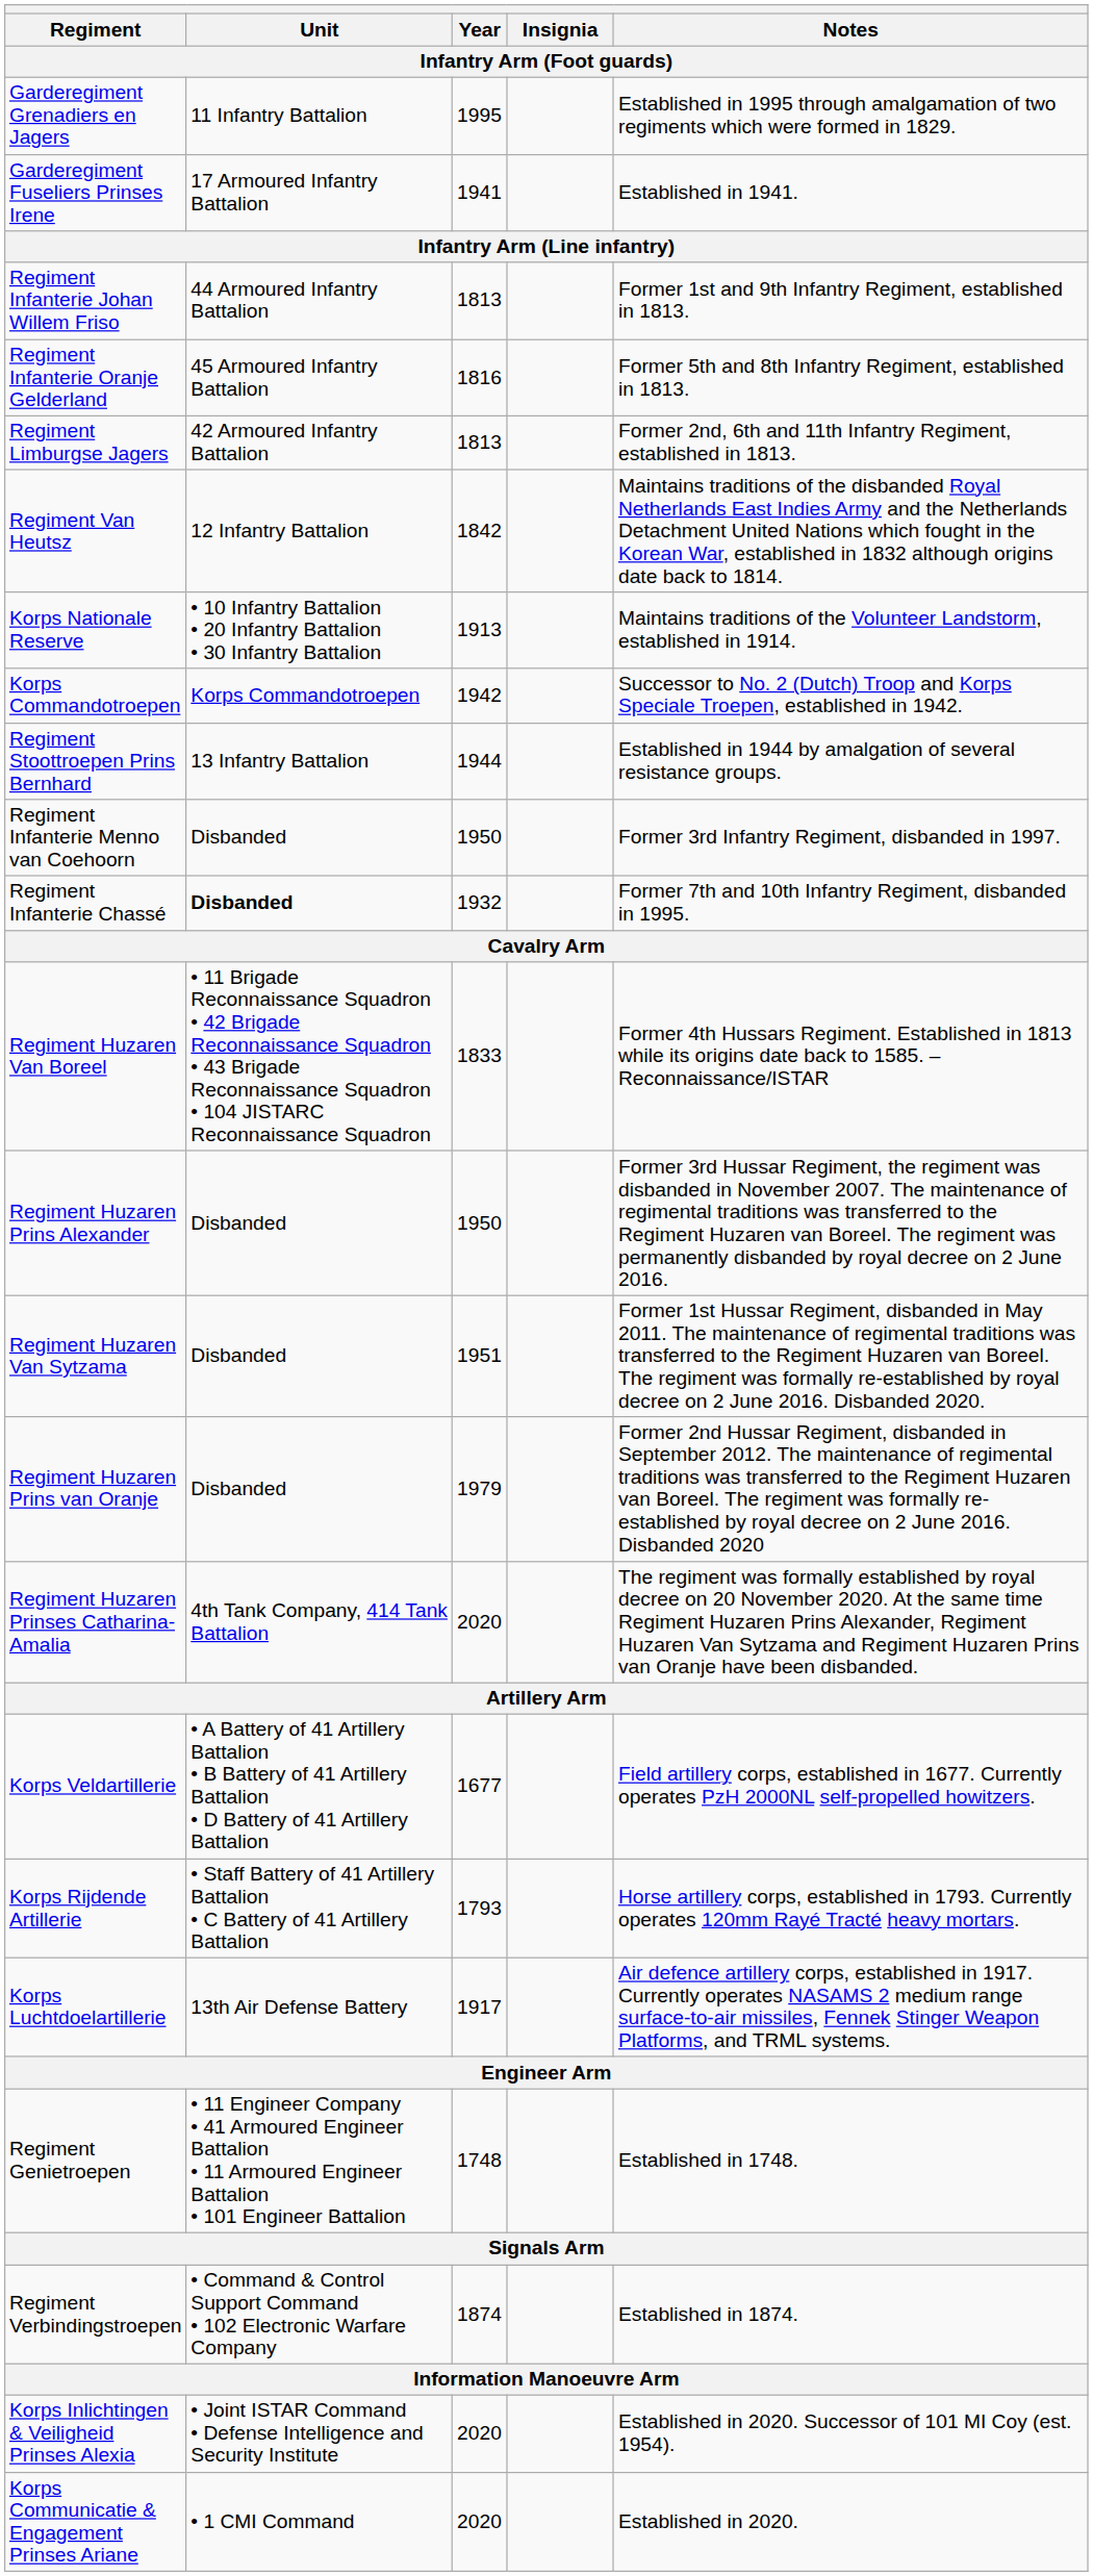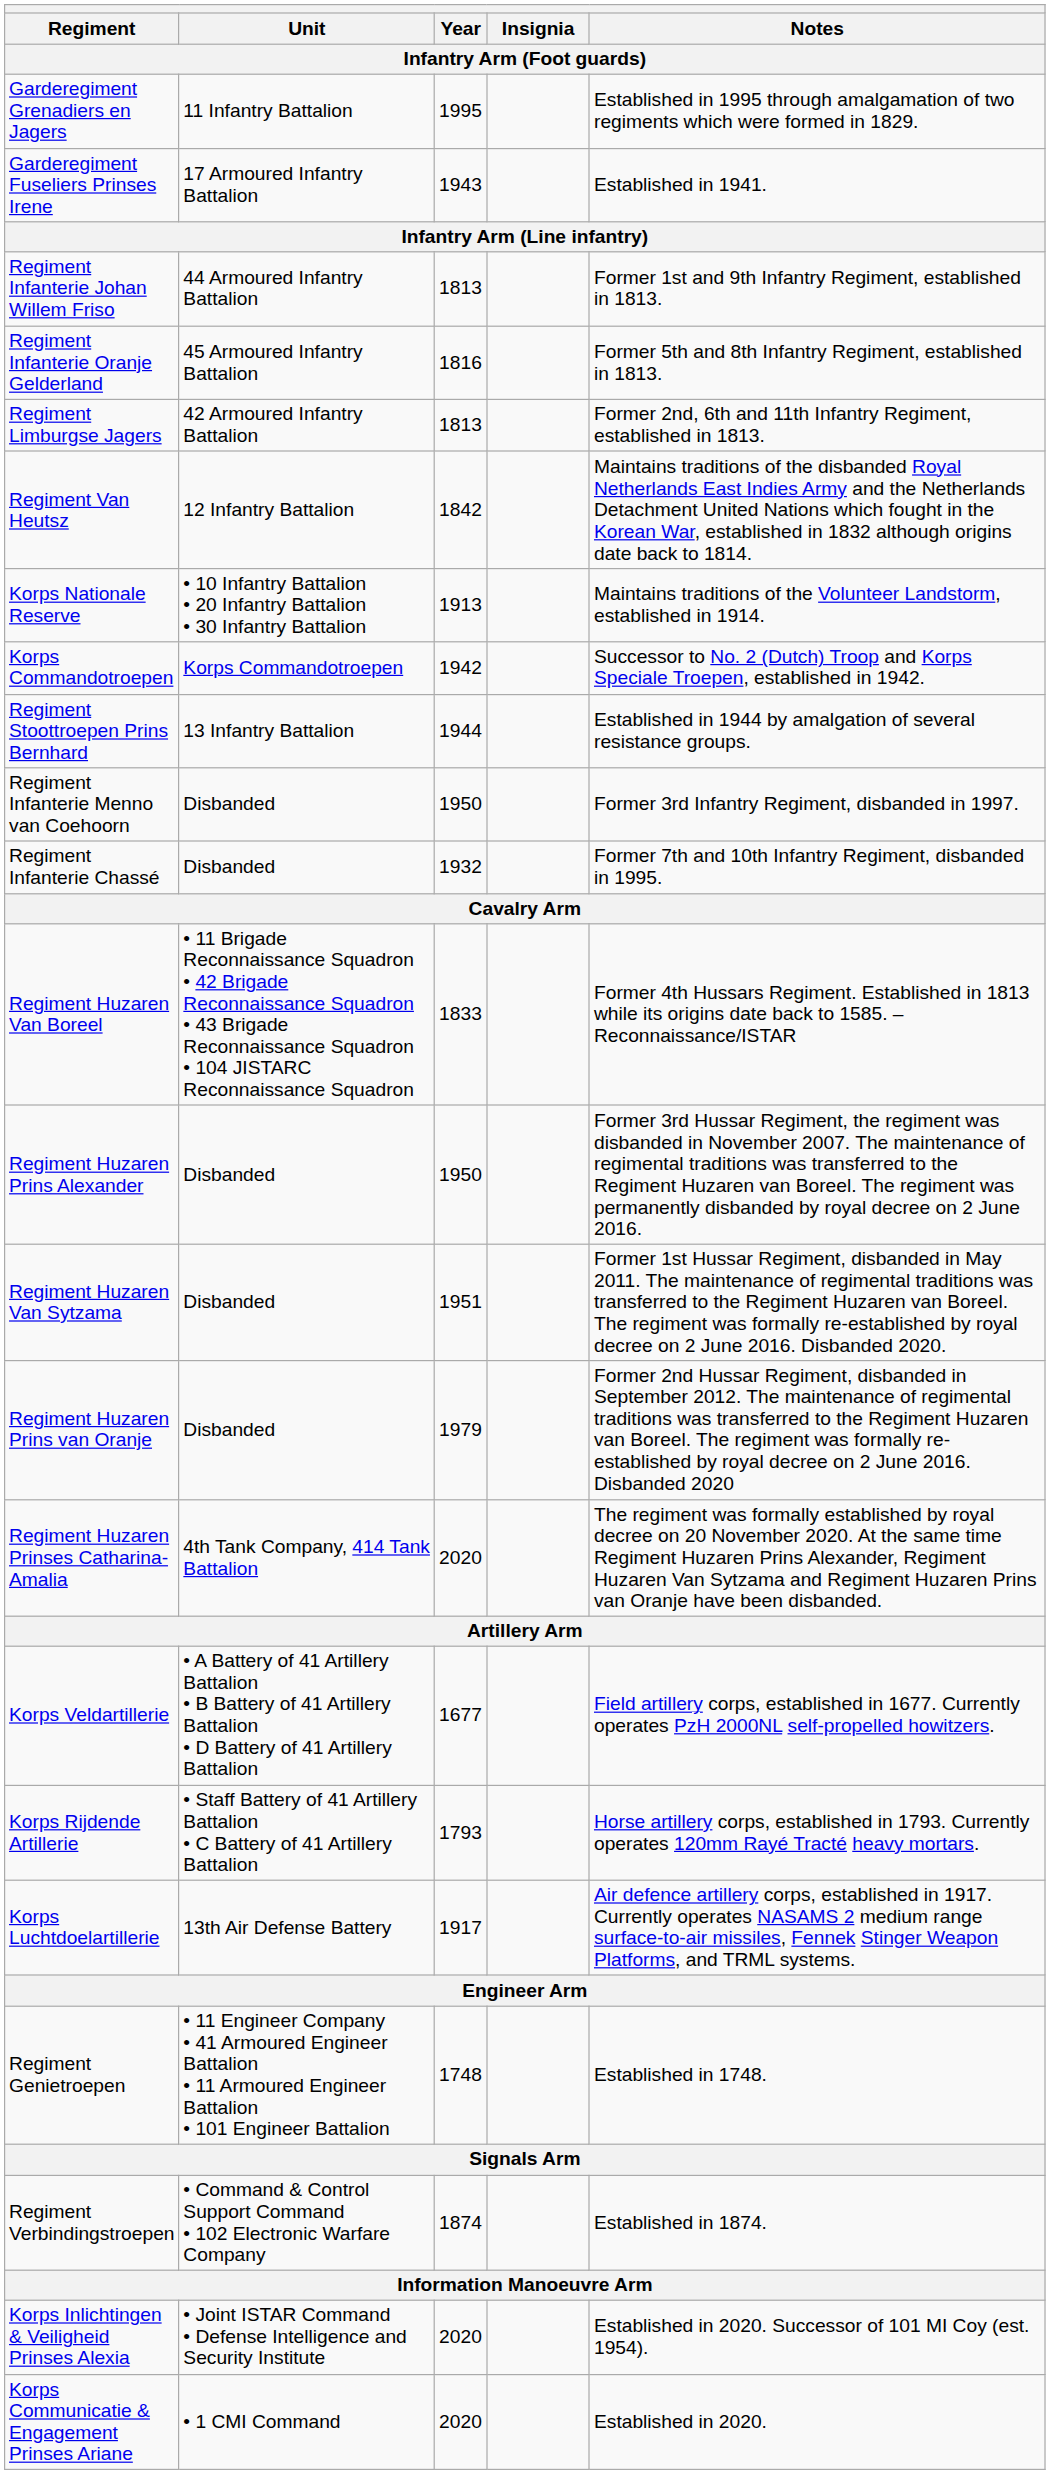 <table class="wikitable collapsible collapsed" style="text-align:left">
 <tr>
 <th colspan=5></th>
 </tr>
 <tr>
 <th scope="col" style="width: 15%;">Regiment</th>
 <th scope="col" style="width: 25%;">Unit</th>
 <th scope="col" style="width: 5%;">Year</th>
 <th scope="col" style="width: 10%;">Insignia</th>
 <th scope="col" style="width: 45%;">Notes</th>
 </tr>
 <tr>
 <th style="align: center;" colspan="7">Infantry Arm (Foot guards)</th>
 </tr>
 <tr>
 <td><a href='#'>Garderegiment Grenadiers en Jagers</a></td>
 <td>11 Infantry Battalion</td>
 <td>1995</td>
 <td><br></td>
 <td>Established in 1995 through amalgamation of two regiments which were formed in 1829.</td>
 </tr>
 <tr>
 <td><a href='#'>Garderegiment Fuseliers Prinses Irene</a></td>
 <td>17 Armoured Infantry Battalion</td>
-<td>1941</td>
+<td>1943</td>
 <td></td>
 <td>Established in 1941.</td>
 </tr>
 <tr>
 <th style="align: center;" colspan="7">Infantry Arm (Line infantry)</th>
 </tr>
 <tr>
 <td><a href='#'>Regiment Infanterie Johan Willem Friso</a></td>
 <td>44 Armoured Infantry Battalion</td>
 <td>1813</td>
 <td></td>
 <td>Former 1st and 9th Infantry Regiment, established in 1813.</td>
 </tr>
 <tr>
 <td><a href='#'>Regiment Infanterie Oranje Gelderland</a></td>
 <td>45 Armoured Infantry Battalion</td>
 <td>1816</td>
 <td></td>
 <td>Former 5th and 8th Infantry Regiment, established in 1813.</td>
 </tr>
 <tr>
 <td><a href='#'>Regiment Limburgse Jagers</a></td>
 <td>42 Armoured Infantry Battalion</td>
 <td>1813</td>
 <td></td>
 <td>Former 2nd, 6th and 11th Infantry Regiment, established in 1813.</td>
 </tr>
 <tr>
 <td><a href='#'>Regiment Van Heutsz</a></td>
 <td>12 Infantry Battalion</td>
 <td>1842</td>
 <td></td>
 <td>Maintains traditions of the disbanded <a href='#'>Royal Netherlands East Indies Army</a> and the Netherlands Detachment United Nations which fought in the <a href='#'>Korean War</a>, established in 1832 although origins date back to 1814.</td>
 </tr>
 <tr>
 <td><a href='#'>Korps Nationale Reserve</a></td>
 <td>• 10 Infantry Battalion <br>• 20 Infantry Battalion<br>• 30 Infantry Battalion</td>
 <td>1913</td>
 <td></td>
 <td>Maintains traditions of the <a href='#'>Volunteer Landstorm</a>, established in 1914.</td>
 </tr>
 <tr>
 <td><a href='#'>Korps Commandotroepen</a></td>
 <td><a href='#'>Korps Commandotroepen</a></td>
 <td>1942</td>
 <td></td>
 <td>Successor to <a href='#'>No. 2 (Dutch) Troop</a> and <a href='#'>Korps Speciale Troepen</a>, established in 1942.</td>
 </tr>
 <tr>
 <td><a href='#'>Regiment Stoottroepen Prins Bernhard</a></td>
 <td>13 Infantry Battalion</td>
 <td>1944</td>
 <td></td>
 <td>Established in 1944 by amalgation of several resistance groups.</td>
 </tr>
 <tr>
 <td>Regiment Infanterie Menno van Coehoorn</td>
 <td>Disbanded</td>
 <td>1950</td>
 <td></td>
 <td>Former 3rd Infantry Regiment, disbanded in 1997.</td>
 </tr>
 <tr>
 <td>Regiment Infanterie Chassé</td>
-<td><strong>Disbanded</strong></td>
+<td>Disbanded</td>
 <td>1932</td>
 <td></td>
 <td>Former 7th and 10th Infantry Regiment, disbanded in 1995.</td>
 </tr>
 <tr>
 <th style="align: center;" colspan="7">Cavalry Arm</th>
 </tr>
 <tr>
 <td><a href='#'>Regiment Huzaren Van Boreel</a></td>
 <td>• 11 Brigade Reconnaissance Squadron<br>• <a href='#'>42 Brigade Reconnaissance Squadron</a><br>• 43 Brigade Reconnaissance Squadron<br>• 104 JISTARC Reconnaissance Squadron</td>
 <td>1833</td>
 <td></td>
 <td>Former 4th Hussars Regiment. Established in 1813 while its origins date back to 1585. – Reconnaissance/ISTAR</td>
 </tr>
 <tr>
 <td><a href='#'>Regiment Huzaren Prins Alexander</a></td>
 <td>Disbanded</td>
 <td>1950</td>
 <td></td>
 <td>Former 3rd Hussar Regiment, the regiment was disbanded in November 2007. The maintenance of regimental traditions was transferred to the Regiment Huzaren van Boreel. The regiment was permanently disbanded by royal decree on 2 June 2016.</td>
 </tr>
 <tr>
 <td><a href='#'>Regiment Huzaren Van Sytzama</a></td>
 <td>Disbanded</td>
 <td>1951</td>
 <td></td>
 <td>Former 1st Hussar Regiment, disbanded in May 2011. The maintenance of regimental traditions was transferred to the Regiment Huzaren van Boreel. The regiment was formally re-established by royal decree on 2 June 2016. Disbanded 2020.</td>
 </tr>
 <tr>
 <td><a href='#'>Regiment Huzaren Prins van Oranje</a></td>
 <td>Disbanded</td>
 <td>1979</td>
 <td></td>
 <td>Former 2nd Hussar Regiment, disbanded in September 2012. The maintenance of regimental traditions was transferred to the Regiment Huzaren van Boreel. The regiment was formally re-established by royal decree on 2 June 2016. Disbanded 2020</td>
 </tr>
 <tr>
 <td><a href='#'>Regiment Huzaren Prinses Catharina-Amalia</a></td>
 <td>4th Tank Company, <a href='#'>414 Tank Battalion</a></td>
 <td>2020</td>
 <td></td>
 <td>The regiment was formally established by royal decree on 20 November 2020. At the same time Regiment Huzaren Prins Alexander, Regiment Huzaren Van Sytzama and Regiment Huzaren Prins van Oranje have been disbanded.</td>
 </tr>
 <tr>
 <th style="align: center;" colspan="7">Artillery Arm</th>
 </tr>
 <tr>
 <td><a href='#'>Korps Veldartillerie</a></td>
 <td>• A Battery of 41 Artillery Battalion<br>• B Battery of 41 Artillery Battalion<br>• D Battery of 41 Artillery Battalion</td>
 <td>1677</td>
 <td></td>
 <td><a href='#'>Field artillery</a> corps, established in 1677. Currently operates <a href='#'>PzH 2000NL</a> <a href='#'>self-propelled howitzers</a>.</td>
 </tr>
 <tr>
 <td><a href='#'>Korps Rijdende Artillerie</a></td>
 <td>• Staff Battery of 41 Artillery Battalion<br>• C Battery of 41 Artillery Battalion</td>
 <td>1793</td>
 <td></td>
 <td><a href='#'>Horse artillery</a> corps, established in 1793. Currently operates <a href='#'>120mm Rayé Tracté</a> <a href='#'>heavy mortars</a>.</td>
 </tr>
 <tr>
 <td><a href='#'>Korps Luchtdoelartillerie</a></td>
 <td>13th Air Defense Battery</td>
 <td>1917</td>
 <td></td>
 <td><a href='#'>Air defence artillery</a> corps, established in 1917. Currently operates <a href='#'>NASAMS 2</a> medium range <a href='#'>surface-to-air missiles</a>, <a href='#'>Fennek</a> <a href='#'>Stinger Weapon Platforms</a>, and TRML systems.</td>
 </tr>
 <tr>
 <th style="align: center;" colspan="7">Engineer Arm</th>
 </tr>
 <tr>
 <td>Regiment Genietroepen</td>
 <td>• 11 Engineer Company<br>• 41 Armoured Engineer Battalion<br>• 11 Armoured Engineer Battalion<br>• 101 Engineer Battalion</td>
 <td>1748</td>
 <td></td>
 <td>Established in 1748.</td>
 </tr>
 <tr>
 <th style="align: center;" colspan="7">Signals Arm</th>
 </tr>
 <tr>
 <td>Regiment Verbindingstroepen</td>
 <td>• Command & Control Support Command<br>• 102 Electronic Warfare Company</td>
 <td>1874</td>
 <td></td>
 <td>Established in 1874.</td>
 </tr>
 <tr>
 <th style="align: center;" colspan="7">Information Manoeuvre Arm</th>
 </tr>
 <tr>
 <td><a href='#'>Korps Inlichtingen & Veiligheid Prinses Alexia</a></td>
 <td>• Joint ISTAR Command<br>• Defense Intelligence and Security Institute</td>
 <td>2020</td>
 <td></td>
 <td>Established in 2020. Successor of 101 MI Coy (est. 1954).</td>
 </tr>
 <tr>
 <td><a href='#'>Korps Communicatie & Engagement Prinses Ariane</a></td>
 <td>• 1 CMI Command<br></td>
 <td>2020</td>
 <td></td>
 <td>Established in 2020.</td>
 </tr>
 </table>
